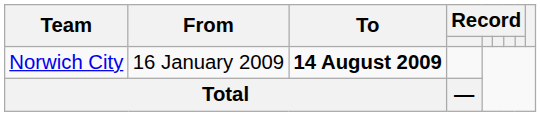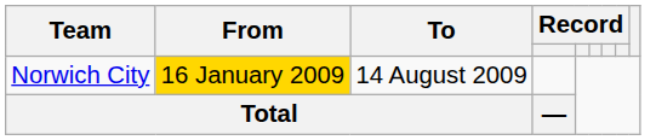 <table class=wikitable style="text-align: center">
 <tr>
 <th rowspan=2>Team</th>
 <th rowspan=2>From</th>
 <th rowspan=2>To</th>
 <th colspan=5>Record</th>
 <th rowspan=2></th>
 </tr>
 <tr>
 <th></th>
 <th></th>
 <th></th>
 <th></th>
 <th></th>
 </tr>
 <tr>
 <td align=left><a href='#'>Norwich City</a></td>
-<td align=left>16 January 2009</td>
-<td align=left><strong>14 August 2009<br></strong></td>
+<td align=left style="background: gold;">16 January 2009</td>
+<td align=left>14 August 2009<br></td>
 <td></td>
 </tr>
 <tr>
 <th colspan=3>Total<br></th>
 <th>—</th>
 </tr>
 </table>
